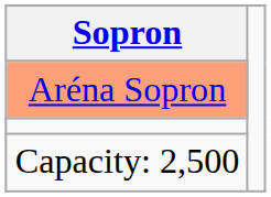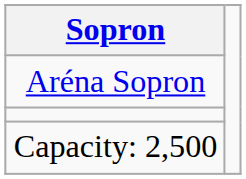 <table class="wikitable" style="text-align:center; margin:1em auto;">
 <tr>
 <th><a href='#'>Sopron</a></th>
 <td rowspan=4></td>
 </tr>
 <tr>
-<td style="background: lightsalmon;"><a href='#'>Aréna Sopron</a></td>
+<td><a href='#'>Aréna Sopron</a></td>
 </tr>
 <tr>
 <td></td>
 </tr>
 <tr>
 <td>Capacity: 2,500</td>
 </tr>
 </table>
